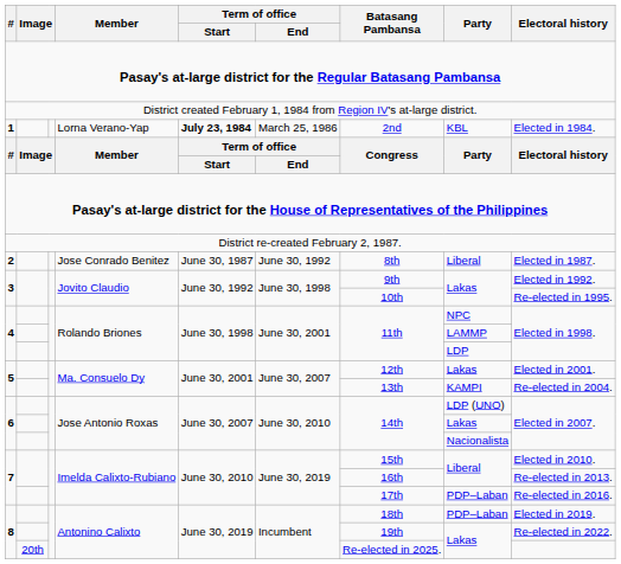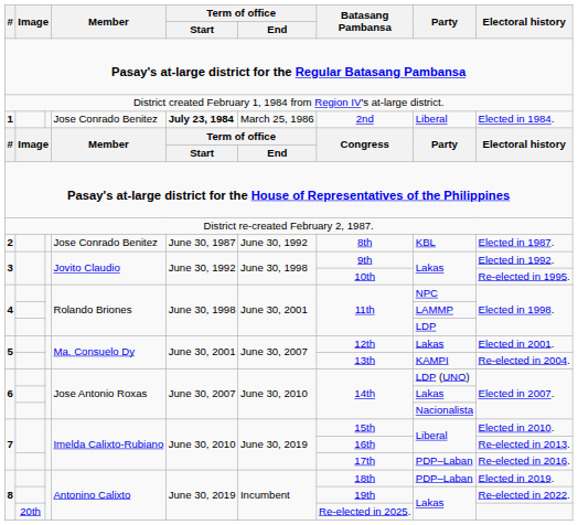 <table class=wikitable>
 <tr>
 <th rowspan="2">#</th>
 <th rowspan="2" colspan=2>Image</th>
 <th rowspan="2">Member</th>
 <th colspan=2>Term of office</th>
 <th rowspan="2">Batasang<br>Pambansa</th>
 <th rowspan="2">Party</th>
 <th rowspan="2">Electoral history</th>
 </tr>
 <tr>
 <th>Start</th>
 <th>End</th>
 </tr>
 <tr>
 <td colspan="9" style="text-align:center;"><br><h3>Pasay's at-large district for the <a href='#'>Regular Batasang Pambansa</a></h3></td>
 </tr>
 <tr>
 <td colspan="9" style="text-align:center;">District created February 1, 1984 from <a href='#'>Region IV</a>'s at-large district.</td>
 </tr>
 <tr>
 <td style="text-align:center;"><strong>1</strong></td>
 <td style="color:inherit;background:"></td>
 <td></td>
-<td>Lorna Verano-Yap</td>
+<td>Jose Conrado Benitez</td>
 <td><strong>July 23, 1984</strong></td>
 <td>March 25, 1986</td>
 <td style="text-align:center;"><a href='#'>2nd</a></td>
-<td><a href='#'>KBL</a></td>
+<td><a href='#'>Liberal</a></td>
 <td><a href='#'>Elected in 1984</a>.</td>
 </tr>
 <tr>
 <th rowspan="2">#</th>
 <th rowspan="2" colspan=2>Image</th>
 <th rowspan="2">Member</th>
 <th colspan=2>Term of office</th>
 <th rowspan="2">Congress</th>
 <th rowspan="2">Party</th>
 <th rowspan="2">Electoral history</th>
 </tr>
 <tr>
 <th>Start</th>
 <th>End</th>
 </tr>
 <tr>
 <td colspan="9" style="text-align:center;"><br><h3>Pasay's at-large district for the <a href='#'>House of Representatives of the Philippines</a></h3></td>
 </tr>
 <tr>
 <td colspan="9" style="text-align:center;">District re-created February 2, 1987.</td>
 </tr>
 <tr>
 <td style="text-align:center;"><strong>2</strong></td>
 <td style="color:inherit;background:"></td>
 <td></td>
 <td>Jose Conrado Benitez</td>
 <td>June 30, 1987</td>
 <td>June 30, 1992</td>
 <td style="text-align:center;"><a href='#'>8th</a></td>
-<td><a href='#'>Liberal</a></td>
+<td><a href='#'>KBL</a></td>
 <td><a href='#'>Elected in 1987</a>.</td>
 </tr>
 <tr>
 <td rowspan="2" style="text-align:center;"><strong>3</strong></td>
 <td rowspan="2" style="color:inherit;background:"></td>
 <td rowspan="2"></td>
 <td rowspan="2"><a href='#'>Jovito Claudio</a></td>
 <td rowspan="2">June 30, 1992</td>
 <td rowspan="2">June 30, 1998</td>
 <td style="text-align:center;"><a href='#'>9th</a></td>
 <td rowspan="2"><a href='#'>Lakas</a></td>
 <td><a href='#'>Elected in 1992</a>.</td>
 </tr>
 <tr>
 <td style="text-align:center;"><a href='#'>10th</a></td>
 <td><a href='#'>Re-elected in 1995</a>.</td>
 </tr>
 <tr>
 <td style="text-align:center;" rowspan="3"><strong>4</strong></td>
 <td style="color:inherit;background:"></td>
 <td rowspan="3"></td>
 <td rowspan="3">Rolando Briones</td>
 <td rowspan="3">June 30, 1998</td>
 <td rowspan="3">June 30, 2001</td>
 <td style="text-align:center;" rowspan="3"><a href='#'>11th</a></td>
 <td><a href='#'>NPC</a></td>
 <td rowspan="3"><a href='#'>Elected in 1998</a>.</td>
 </tr>
 <tr>
 <td style="color:inherit;background:"></td>
 <td><a href='#'>LAMMP</a></td>
 </tr>
 <tr>
 <td style="color:inherit;background:"></td>
 <td><a href='#'>LDP</a></td>
 </tr>
 <tr>
 <td rowspan="2" style="text-align:center;"><strong>5</strong></td>
 <td style="color:inherit;background:"></td>
 <td rowspan="2"></td>
 <td rowspan="2"><a href='#'>Ma. Consuelo Dy</a></td>
 <td rowspan="2">June 30, 2001</td>
 <td rowspan="2">June 30, 2007</td>
 <td style="text-align:center;"><a href='#'>12th</a></td>
 <td><a href='#'>Lakas</a></td>
 <td><a href='#'>Elected in 2001</a>.</td>
 </tr>
 <tr>
 <td style="color:inherit;background:"></td>
 <td style="text-align:center;"><a href='#'>13th</a></td>
 <td><a href='#'>KAMPI</a></td>
 <td><a href='#'>Re-elected in 2004</a>.</td>
 </tr>
 <tr>
 <td style="text-align:center;" rowspan="3"><strong>6</strong></td>
 <td style="color:inherit;background:"></td>
 <td rowspan="3"></td>
 <td rowspan="3">Jose Antonio Roxas</td>
 <td rowspan="3">June 30, 2007</td>
 <td rowspan="3">June 30, 2010</td>
 <td style="text-align:center;" rowspan="3"><a href='#'>14th</a></td>
 <td><a href='#'>LDP</a> (<a href='#'>UNO</a>)</td>
 <td rowspan="3"><a href='#'>Elected in 2007</a>.</td>
 </tr>
 <tr>
 <td style="color:inherit;background:"></td>
 <td><a href='#'>Lakas</a></td>
 </tr>
 <tr>
 <td style="color:inherit;background:"></td>
 <td><a href='#'>Nacionalista</a></td>
 </tr>
 <tr>
 <td rowspan="3" style="text-align:center;"><strong>7</strong></td>
 <td rowspan="2" style="color:inherit;background:"></td>
 <td rowspan="3"></td>
 <td rowspan="3"><a href='#'>Imelda Calixto-Rubiano</a></td>
 <td rowspan="3">June 30, 2010</td>
 <td rowspan="3">June 30, 2019</td>
 <td style="text-align:center;"><a href='#'>15th</a></td>
 <td rowspan="2"><a href='#'>Liberal</a></td>
 <td><a href='#'>Elected in 2010</a>.</td>
 </tr>
 <tr>
 <td style="text-align:center;"><a href='#'>16th</a></td>
 <td><a href='#'>Re-elected in 2013</a>.</td>
 </tr>
 <tr>
 <td style="color:inherit;background:"></td>
 <td style="text-align:center;"><a href='#'>17th</a></td>
 <td><a href='#'>PDP–Laban</a></td>
 <td><a href='#'>Re-elected in 2016</a>.</td>
 </tr>
 <tr>
 <td rowspan="3" style="text-align:center;"><strong>8</strong></td>
 <td style="color:inherit;background:"></td>
 <td rowspan="3"></td>
 <td rowspan="3"><a href='#'>Antonino Calixto</a></td>
 <td rowspan="3">June 30, 2019</td>
 <td rowspan="3">Incumbent</td>
 <td style="text-align:center;"><a href='#'>18th</a></td>
 <td><a href='#'>PDP–Laban</a></td>
 <td><a href='#'>Elected in 2019</a>.</td>
 </tr>
 <tr>
 <td style="color:inherit;background:"></td>
 <td style="text-align:center;"><a href='#'>19th</a></td>
 <td rowspan="2"><a href='#'>Lakas</a></td>
 <td><a href='#'>Re-elected in 2022</a>.</td>
 </tr>
 <tr>
 <td style="text-align:center;"><a href='#'>20th</a></td>
 <td><a href='#'>Re-elected in 2025</a>.</td>
 </tr>
 </table>
